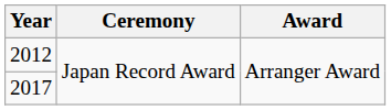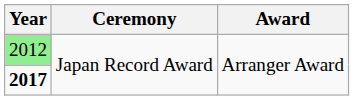 <table class="wikitable">
 <tr>
 <th>Year</th>
 <th>Ceremony</th>
 <th>Award</th>
 </tr>
 <tr>
-<td>2012</td>
+<td style="background: lightgreen;">2012</td>
 <td rowspan="2">Japan Record Award</td>
 <td rowspan="2">Arranger Award</td>
 </tr>
 <tr>
-<td>2017</td>
+<td><strong>2017</strong></td>
 </tr>
 </table>
